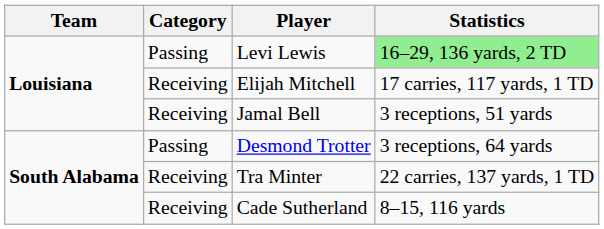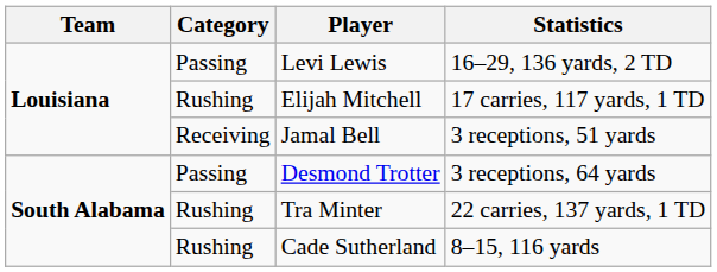 <table class="wikitable" style="float: left;">
 <tr>
 <th>Team</th>
 <th>Category</th>
 <th>Player</th>
 <th>Statistics</th>
 </tr>
 <tr>
 <td rowspan=3><strong>Louisiana</strong></td>
 <td>Passing</td>
 <td>Levi Lewis</td>
-<td style="background: lightgreen;">16–29, 136 yards, 2 TD</td>
+<td>16–29, 136 yards, 2 TD</td>
 </tr>
 <tr>
-<td>Receiving</td>
+<td>Rushing</td>
 <td>Elijah Mitchell</td>
 <td>17 carries, 117 yards, 1 TD</td>
 </tr>
 <tr>
 <td>Receiving</td>
 <td>Jamal Bell</td>
 <td>3 receptions, 51 yards</td>
 </tr>
 <tr>
 <td rowspan=3><strong>South Alabama</strong></td>
 <td>Passing</td>
 <td><a href='#'>Desmond Trotter</a></td>
 <td>3 receptions, 64 yards</td>
 </tr>
 <tr>
-<td>Receiving</td>
+<td>Rushing</td>
 <td>Tra Minter</td>
 <td>22 carries, 137 yards, 1 TD</td>
 </tr>
 <tr>
-<td>Receiving</td>
+<td>Rushing</td>
 <td>Cade Sutherland</td>
 <td>8–15, 116 yards</td>
 </tr>
 </table>
